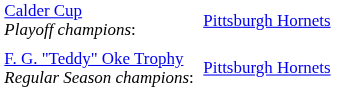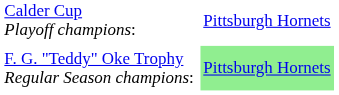 <table cellpadding="3" cellspacing="3">
 <tr>
 <td><a href='#'>Calder Cup</a><br><em>Playoff champions</em>:</td>
 <td><a href='#'>Pittsburgh Hornets</a></td>
 </tr>
 <tr>
 <td><a href='#'>F. G. "Teddy" Oke Trophy</a><br><em>Regular Season champions</em>:</td>
-<td><a href='#'>Pittsburgh Hornets</a></td>
+<td style="background: lightgreen;"><a href='#'>Pittsburgh Hornets</a></td>
 </tr>
 </table>
